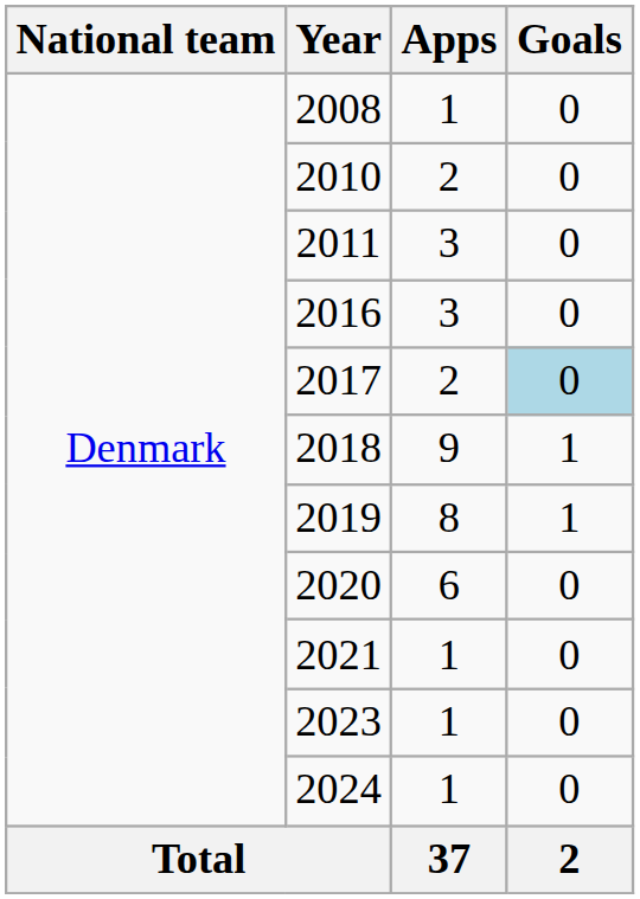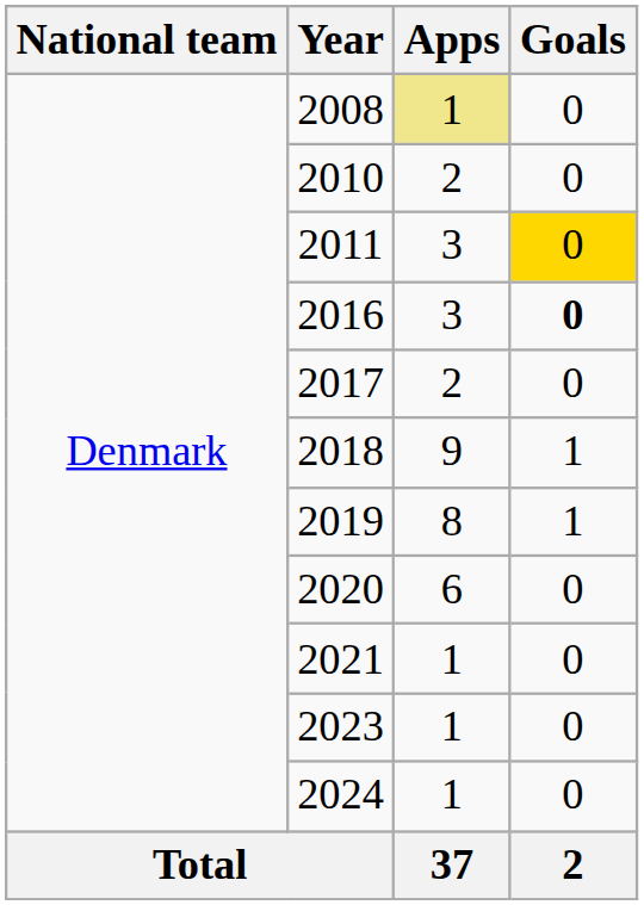 <table class="wikitable" style="text-align:center">
 <tr>
 <th>National team</th>
 <th>Year</th>
 <th>Apps</th>
 <th>Goals</th>
 </tr>
 <tr>
 <td rowspan="11"><a href='#'>Denmark</a></td>
 <td>2008</td>
-<td>1</td>
+<td style="background: khaki;">1</td>
 <td>0</td>
 </tr>
 <tr>
 <td>2010</td>
 <td>2</td>
 <td>0</td>
 </tr>
 <tr>
 <td>2011</td>
 <td>3</td>
-<td>0</td>
+<td style="background: gold;">0</td>
 </tr>
 <tr>
 <td>2016</td>
 <td>3</td>
-<td>0</td>
+<td><strong>0</strong></td>
 </tr>
 <tr>
 <td>2017</td>
 <td>2</td>
-<td style="background: lightblue;">0</td>
+<td>0</td>
 </tr>
 <tr>
 <td>2018</td>
 <td>9</td>
 <td>1</td>
 </tr>
 <tr>
 <td>2019</td>
 <td>8</td>
 <td>1</td>
 </tr>
 <tr>
 <td>2020</td>
 <td>6</td>
 <td>0</td>
 </tr>
 <tr>
 <td>2021</td>
 <td>1</td>
 <td>0</td>
 </tr>
 <tr>
 <td>2023</td>
 <td>1</td>
 <td>0</td>
 </tr>
 <tr>
 <td>2024</td>
 <td>1</td>
 <td>0</td>
 </tr>
 <tr>
 <th colspan="2">Total</th>
 <th>37</th>
 <th>2</th>
 </tr>
 </table>
